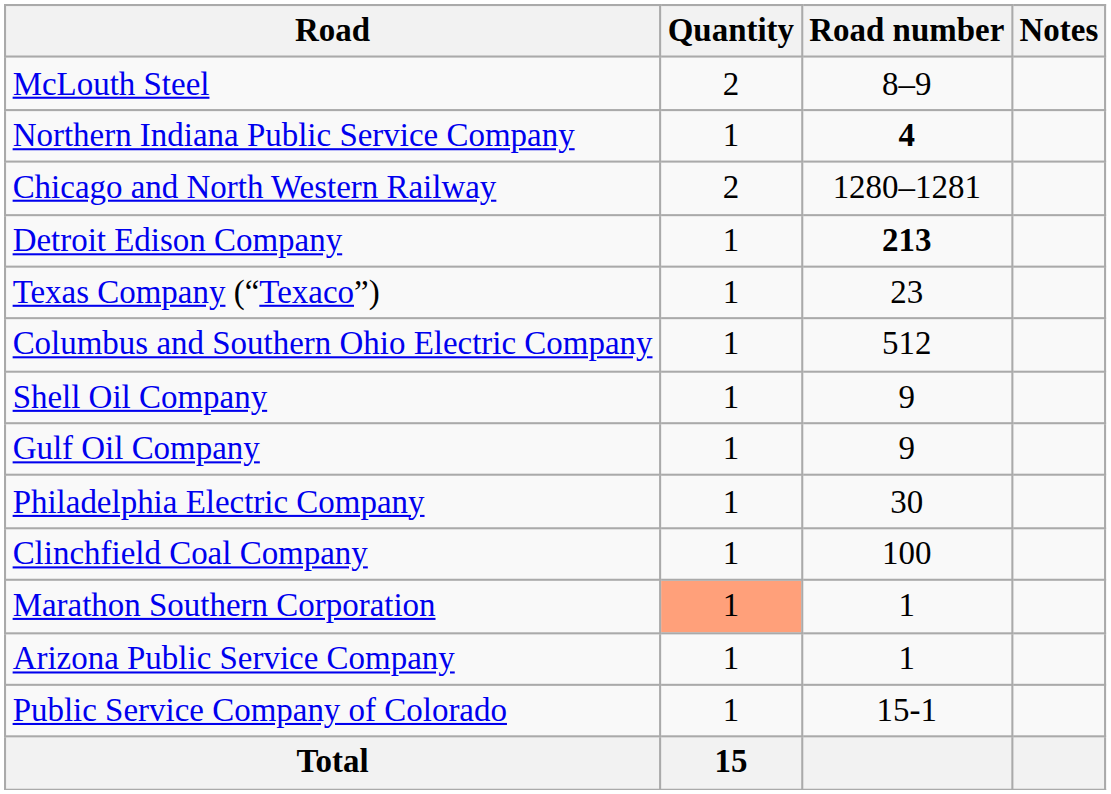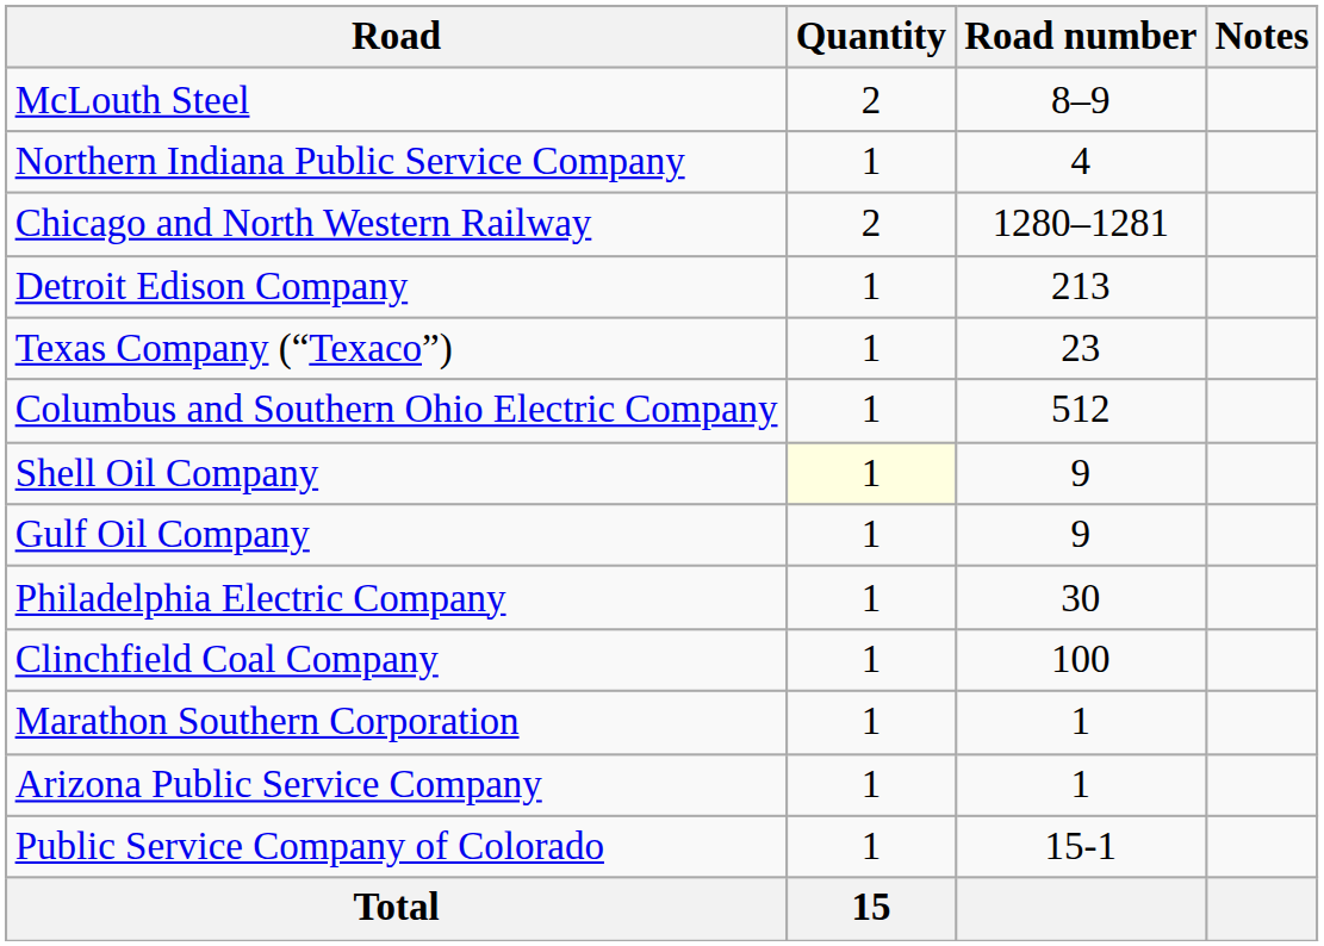 <table class="wikitable">
 <tr>
 <th>Road</th>
 <th>Quantity</th>
 <th>Road number</th>
 <th>Notes</th>
 </tr>
 <tr>
 <td><a href='#'>McLouth Steel</a></td>
 <td style="text-align:center;">2</td>
 <td style="text-align:center;">8–9</td>
 <td></td>
 </tr>
 <tr>
 <td><a href='#'>Northern Indiana Public Service Company</a></td>
 <td style="text-align:center;">1</td>
-<td style="text-align:center;"><strong>4</strong></td>
+<td style="text-align:center;">4</td>
 <td></td>
 </tr>
 <tr>
 <td><a href='#'>Chicago and North Western Railway</a></td>
 <td style="text-align:center;">2</td>
 <td style="text-align:center;">1280–1281</td>
 <td></td>
 </tr>
 <tr>
 <td><a href='#'>Detroit Edison Company</a></td>
 <td style="text-align:center;">1</td>
-<td style="text-align:center;"><strong>213</strong></td>
+<td style="text-align:center;">213</td>
 <td></td>
 </tr>
 <tr>
 <td><a href='#'>Texas Company</a> (“<a href='#'>Texaco</a>”)</td>
 <td style="text-align:center;">1</td>
 <td style="text-align:center;">23</td>
 <td></td>
 </tr>
 <tr>
 <td><a href='#'>Columbus and Southern Ohio Electric Company</a></td>
 <td style="text-align:center;">1</td>
 <td style="text-align:center;">512</td>
 <td></td>
 </tr>
 <tr>
 <td><a href='#'>Shell Oil Company</a></td>
-<td style="text-align:center;">1</td>
+<td style="background: lightyellow; text-align:center;">1</td>
 <td style="text-align:center;">9</td>
 <td></td>
 </tr>
 <tr>
 <td><a href='#'>Gulf Oil Company</a></td>
 <td style="text-align:center;">1</td>
 <td style="text-align:center;">9</td>
 <td></td>
 </tr>
 <tr>
 <td><a href='#'>Philadelphia Electric Company</a></td>
 <td style="text-align:center;">1</td>
 <td style="text-align:center;">30</td>
 <td></td>
 </tr>
 <tr>
 <td><a href='#'>Clinchfield Coal Company</a></td>
 <td style="text-align:center;">1</td>
 <td style="text-align:center;">100</td>
 <td></td>
 </tr>
 <tr>
 <td><a href='#'>Marathon Southern Corporation</a></td>
-<td style="background: lightsalmon; text-align:center;">1</td>
+<td style="text-align:center;">1</td>
 <td style="text-align:center;">1</td>
 <td></td>
 </tr>
 <tr>
 <td><a href='#'>Arizona Public Service Company</a></td>
 <td style="text-align:center;">1</td>
 <td style="text-align:center;">1</td>
 <td></td>
 </tr>
 <tr>
 <td><a href='#'>Public Service Company of Colorado</a></td>
 <td style="text-align:center;">1</td>
 <td style="text-align:center;">15-1</td>
 <td></td>
 </tr>
 <tr>
 <th>Total</th>
 <th>15</th>
 <th></th>
 <th></th>
 </tr>
 <tr>
 </tr>
 </table>
